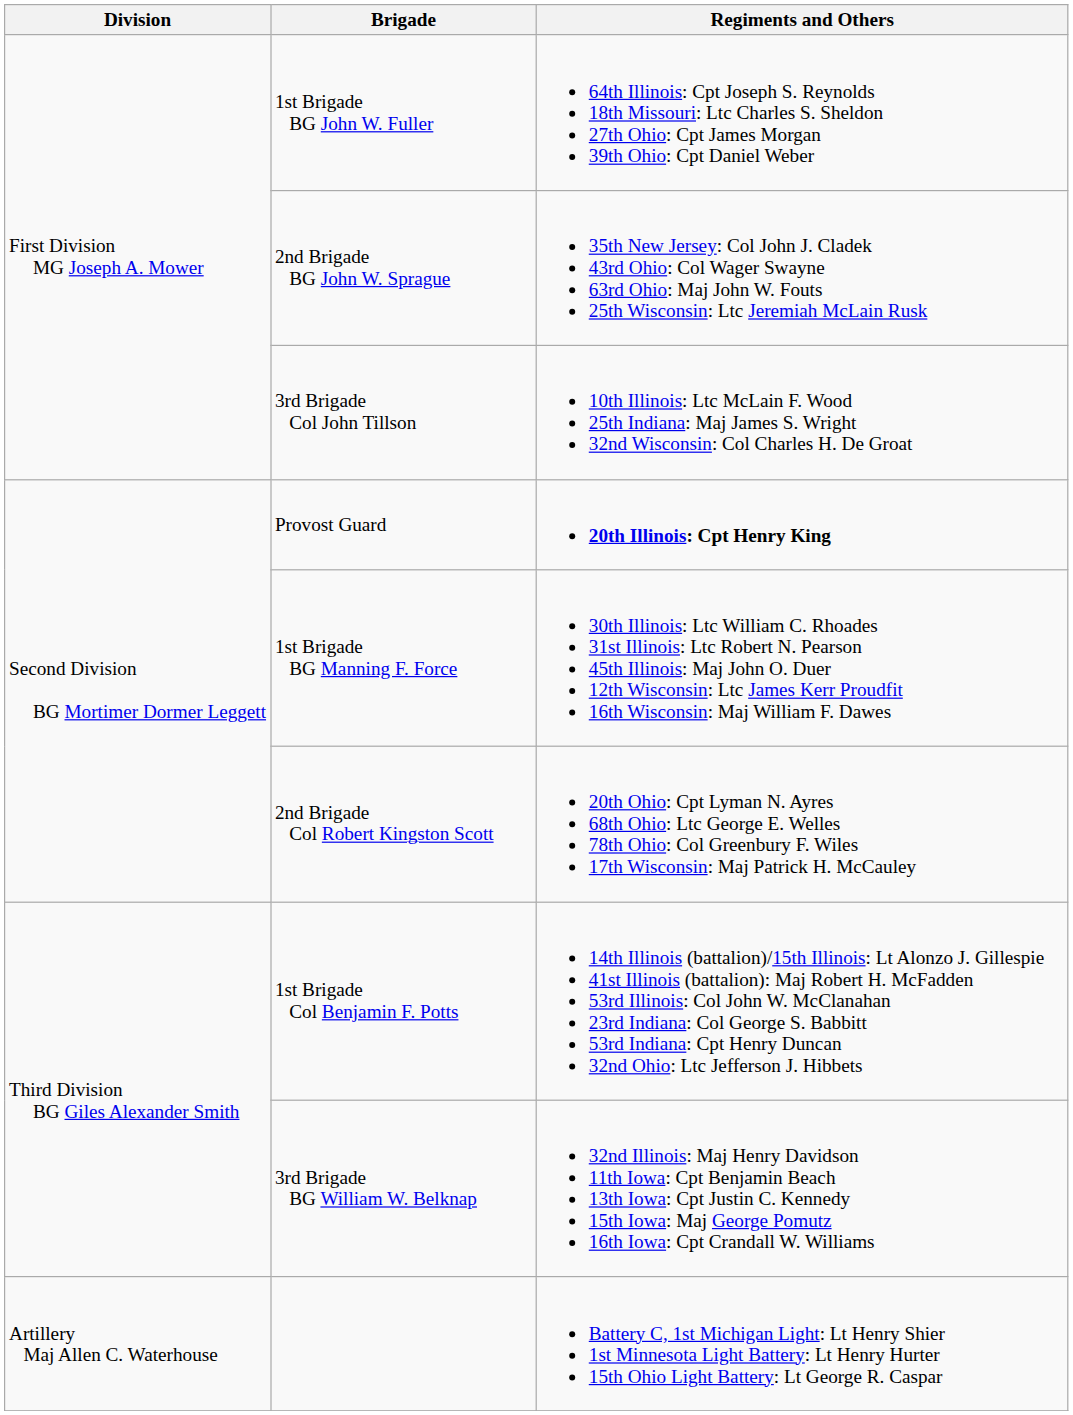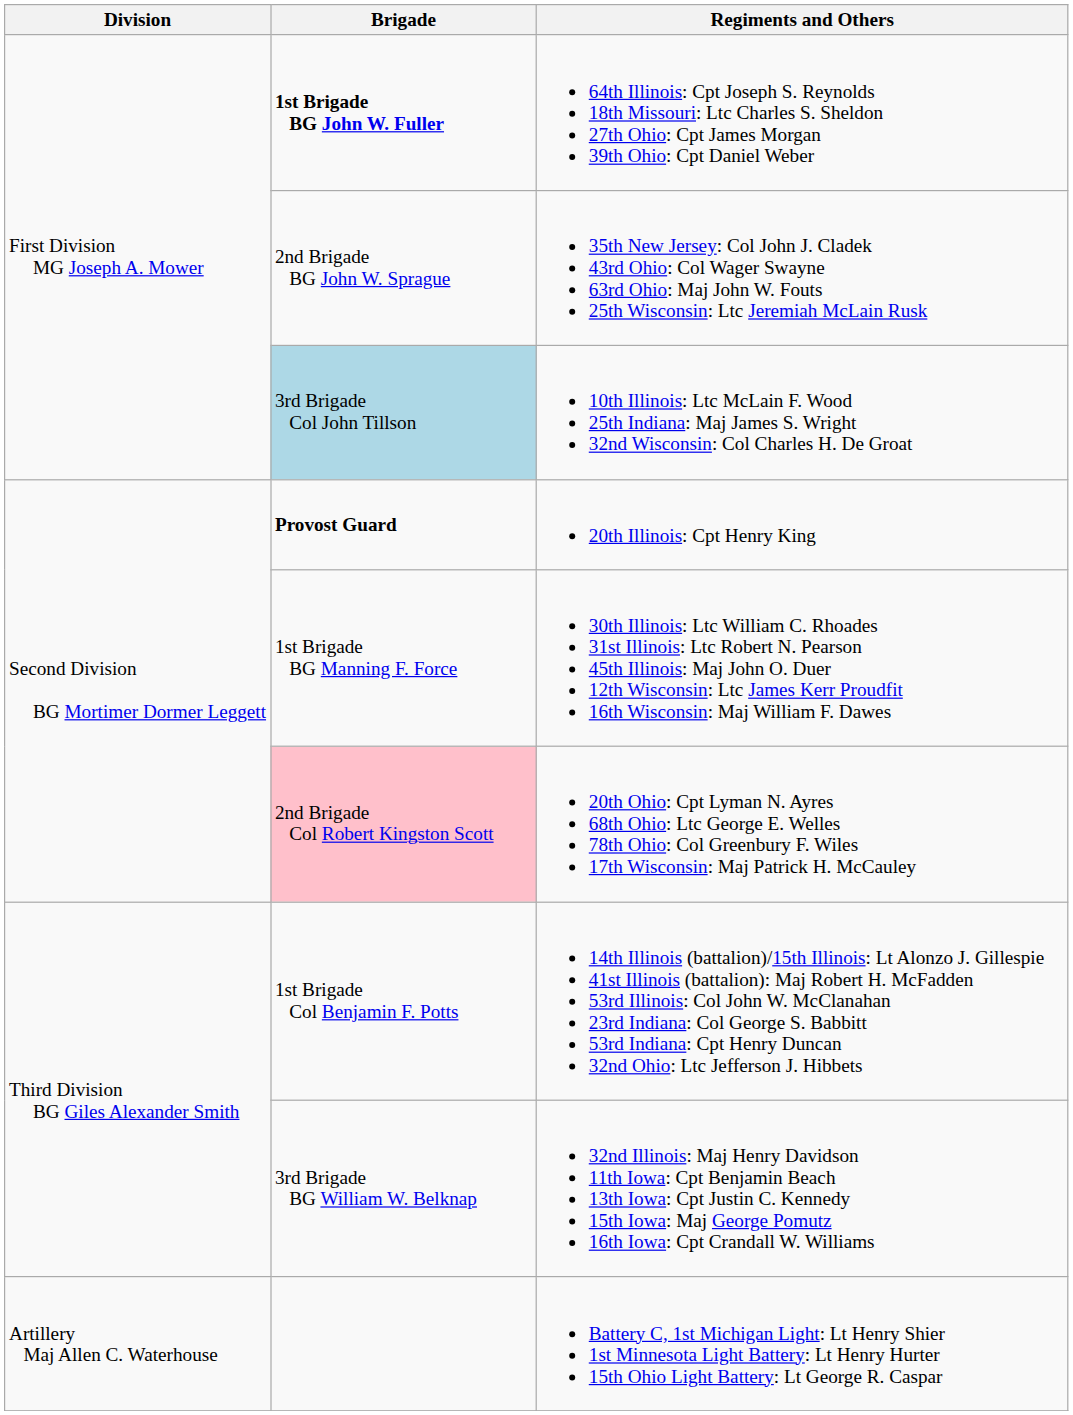 <table class="wikitable">
 <tr>
 <th width=25%>Division</th>
 <th width=25%>Brigade</th>
 <th>Regiments and Others</th>
 </tr>
 <tr>
 <td rowspan=3><br>First Division <br>     MG <a href='#'>Joseph A. Mower</a><br>    </td>
-<td>1st Brigade<br>   BG <a href='#'>John W. Fuller</a></td>
+<td><strong>1st Brigade<br>   BG <a href='#'>John W. Fuller</a></strong></td>
 <td><br><ul><li><a href='#'>64th Illinois</a>: Cpt Joseph S. Reynolds</li><li><a href='#'>18th Missouri</a>: Ltc Charles S. Sheldon</li><li><a href='#'>27th Ohio</a>: Cpt James Morgan</li><li><a href='#'>39th Ohio</a>: Cpt Daniel Weber</li></ul></td>
 </tr>
 <tr>
 <td>2nd Brigade<br>   BG <a href='#'>John W. Sprague</a></td>
 <td><br><ul><li><a href='#'>35th New Jersey</a>: Col John J. Cladek</li><li><a href='#'>43rd Ohio</a>: Col Wager Swayne</li><li><a href='#'>63rd Ohio</a>: Maj  John W. Fouts</li><li><a href='#'>25th Wisconsin</a>: Ltc <a href='#'>Jeremiah McLain Rusk</a></li></ul></td>
 </tr>
 <tr>
-<td>3rd Brigade  <br>   Col John Tillson</td>
+<td style="background: lightblue;">3rd Brigade  <br>   Col John Tillson</td>
 <td><br><ul><li><a href='#'>10th Illinois</a>: Ltc McLain F. Wood</li><li><a href='#'>25th Indiana</a>: Maj James S. Wright</li><li><a href='#'>32nd Wisconsin</a>: Col Charles H. De Groat</li></ul></td>
 </tr>
 <tr>
 <td rowspan="3">Second Division<br><br>     BG <a href='#'>Mortimer Dormer Leggett</a></td>
-<td>Provost Guard</td>
-<td><strong><br><ul><li><a href='#'>20th Illinois</a>: Cpt Henry King</li></ul></strong></td>
+<td><strong>Provost Guard</strong></td>
+<td><br><ul><li><a href='#'>20th Illinois</a>: Cpt Henry King</li></ul></td>
 </tr>
 <tr>
 <td>1st Brigade<br>   BG <a href='#'>Manning F. Force</a></td>
 <td><br><ul><li><a href='#'>30th Illinois</a>: Ltc William C. Rhoades</li><li><a href='#'>31st Illinois</a>: Ltc Robert N. Pearson</li><li><a href='#'>45th Illinois</a>: Maj John O. Duer</li><li><a href='#'>12th Wisconsin</a>: Ltc <a href='#'>James Kerr Proudfit</a></li><li><a href='#'>16th Wisconsin</a>:  Maj William F. Dawes</li></ul></td>
 </tr>
 <tr>
-<td>2nd Brigade<br>   Col <a href='#'>Robert Kingston Scott</a></td>
+<td style="background: pink;">2nd Brigade<br>   Col <a href='#'>Robert Kingston Scott</a></td>
 <td><br><ul><li><a href='#'>20th Ohio</a>: Cpt Lyman N. Ayres</li><li><a href='#'>68th Ohio</a>: Ltc George E. Welles</li><li><a href='#'>78th Ohio</a>: Col Greenbury F. Wiles</li><li><a href='#'>17th Wisconsin</a>: Maj Patrick H. McCauley</li></ul></td>
 </tr>
 <tr>
 <td rowspan="2"><br>Third Division <br>     BG <a href='#'>Giles Alexander Smith</a></td>
 <td>1st Brigade<br>   Col <a href='#'>Benjamin F. Potts</a></td>
 <td><br><ul><li><a href='#'>14th Illinois</a> (battalion)/<a href='#'>15th Illinois</a>: Lt Alonzo J. Gillespie</li><li><a href='#'>41st Illinois</a> (battalion): Maj Robert H. McFadden</li><li><a href='#'>53rd Illinois</a>: Col John W. McClanahan</li><li><a href='#'>23rd Indiana</a>: Col George S. Babbitt</li><li><a href='#'>53rd Indiana</a>: Cpt Henry Duncan</li><li><a href='#'>32nd Ohio</a>: Ltc Jefferson J. Hibbets</li></ul></td>
 </tr>
 <tr>
 <td>3rd Brigade<br>   BG <a href='#'>William W. Belknap</a></td>
 <td><br><ul><li><a href='#'>32nd Illinois</a>: Maj Henry Davidson</li><li><a href='#'>11th Iowa</a>: Cpt Benjamin Beach</li><li><a href='#'>13th Iowa</a>: Cpt Justin C. Kennedy</li><li><a href='#'>15th Iowa</a>: Maj <a href='#'>George Pomutz</a></li><li><a href='#'>16th Iowa</a>: Cpt Crandall W. Williams</li></ul></td>
 </tr>
 <tr>
 <td>Artillery<br>   Maj Allen C. Waterhouse</td>
 <td></td>
 <td><br><ul><li><a href='#'>Battery C, 1st Michigan Light</a>: Lt Henry Shier</li><li><a href='#'>1st Minnesota Light Battery</a>: Lt Henry Hurter</li><li><a href='#'>15th Ohio Light Battery</a>: Lt George R. Caspar</li></ul></td>
 </tr>
 <tr>
 </tr>
 </table>
